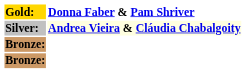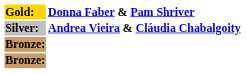 <table>
 <tr>
 <td bgcolor="gold"><strong>Gold:</strong></td>
 <td> <strong><a href='#'>Donna Faber</a> & <a href='#'>Pam Shriver</a></strong></td>
 </tr>
 <tr>
 <td bgcolor="silver"><strong>Silver:</strong></td>
-<td style="background: lightyellow;"> <strong><a href='#'>Andrea Vieira</a> & <a href='#'>Cláudia Chabalgoity</a></strong></td>
+<td> <strong><a href='#'>Andrea Vieira</a> & <a href='#'>Cláudia Chabalgoity</a></strong></td>
 </tr>
 <tr>
 <td bgcolor="CC9966"><strong>Bronze:</strong></td>
 <td></td>
 </tr>
 <tr>
 <td bgcolor="CC9966"><strong>Bronze:</strong></td>
 <td></td>
 </tr>
 </table>
